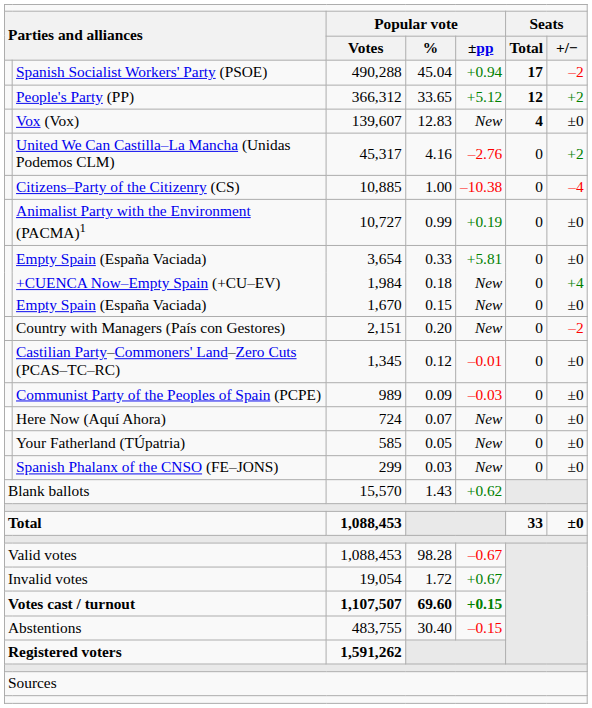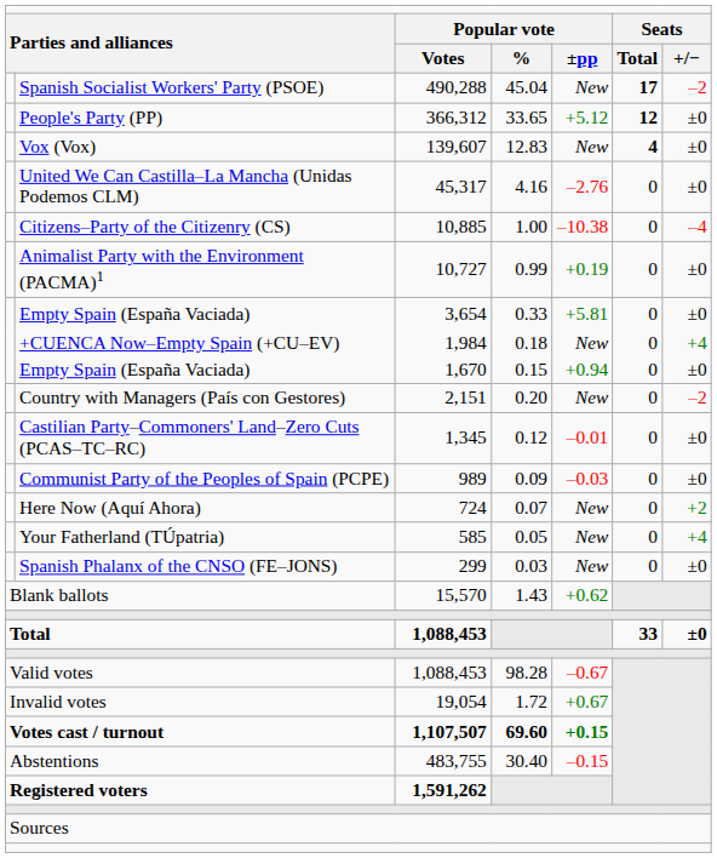 <table class="wikitable" style="text-align:right;">
 <tr>
 <td colspan="7"></td>
 </tr>
 <tr>
 <th style="text-align:left;" rowspan="2" colspan="2" width="525">Parties and alliances</th>
 <th colspan="3">Popular vote</th>
 <th colspan="2">Seats</th>
 </tr>
 <tr>
 <th width="75">Votes</th>
 <th width="45">%</th>
 <th width="45">±<a href='#'>pp</a></th>
 <th width="35">Total</th>
 <th width="35">+/−</th>
 </tr>
 <tr>
 <td width="1" style="color:inherit;background:"></td>
 <td align="left"><a href='#'>Spanish Socialist Workers' Party</a> (PSOE)</td>
 <td>490,288</td>
 <td>45.04</td>
-<td style="color:green;">+0.94</td>
+<td><em>New</em></td>
 <td><strong>17</strong></td>
 <td style="color:red;">–2</td>
 </tr>
 <tr>
 <td style="color:inherit;background:"></td>
 <td align="left"><a href='#'>People's Party</a> (PP)</td>
 <td>366,312</td>
 <td>33.65</td>
 <td style="color:green;">+5.12</td>
 <td><strong>12</strong></td>
-<td style="color:green;">+2</td>
+<td>±0</td>
 </tr>
 <tr>
 <td style="color:inherit;background:"></td>
 <td align="left"><a href='#'>Vox</a> (Vox)</td>
 <td>139,607</td>
 <td>12.83</td>
 <td><em>New</em></td>
 <td><strong>4</strong></td>
 <td>±0</td>
 </tr>
 <tr>
 <td style="color:inherit;background:"></td>
 <td align="left"><a href='#'>United We Can Castilla–La Mancha</a> (Unidas Podemos CLM)</td>
 <td>45,317</td>
 <td>4.16</td>
 <td style="color:red;">–2.76</td>
 <td>0</td>
-<td style="color:green;">+2</td>
+<td>±0</td>
 </tr>
 <tr>
 <td style="color:inherit;background:"></td>
 <td align="left"><a href='#'>Citizens–Party of the Citizenry</a> (CS)</td>
 <td>10,885</td>
 <td>1.00</td>
 <td style="color:red;">–10.38</td>
 <td>0</td>
 <td style="color:red;">–4</td>
 </tr>
 <tr>
 <td style="color:inherit;background:"></td>
 <td align="left"><a href='#'>Animalist Party with the Environment</a> (PACMA)<sup>1</sup></td>
 <td>10,727</td>
 <td>0.99</td>
 <td style="color:green;">+0.19</td>
 <td>0</td>
 <td>±0</td>
 </tr>
 <tr style="line-height:22px;">
 <td rowspan="3" style="color:inherit;background:"></td>
 <td align="left"><a href='#'>Empty Spain</a> (España Vaciada)</td>
 <td>3,654</td>
 <td>0.33</td>
 <td style="color:green;">+5.81</td>
 <td>0</td>
 <td>±0</td>
 </tr>
 <tr style="border-bottom-style:hidden; border-top-style:hidden; line-height:16px;">
 <td align="left"><span><a href='#'>+CUENCA Now–Empty Spain</a> (+CU–EV)</span></td>
 <td>1,984</td>
 <td>0.18</td>
 <td><em>New</em></td>
 <td>0</td>
 <td style="color:green;">+4</td>
 </tr>
 <tr style="line-height:16px;">
 <td align="left"><span><a href='#'>Empty Spain</a> (España Vaciada)</span></td>
 <td>1,670</td>
 <td>0.15</td>
-<td><em>New</em></td>
+<td style="color:green;">+0.94</td>
 <td>0</td>
 <td>±0</td>
 </tr>
 <tr>
 <td style="color:inherit;background:"></td>
 <td align="left">Country with Managers (País con Gestores)</td>
 <td>2,151</td>
 <td>0.20</td>
 <td><em>New</em></td>
 <td>0</td>
 <td style="color:red;">–2</td>
 </tr>
 <tr>
 <td style="color:inherit;background:"></td>
 <td align="left"><a href='#'>Castilian Party</a>–<a href='#'>Commoners' Land</a>–<a href='#'>Zero Cuts</a> (PCAS–TC–RC)</td>
 <td>1,345</td>
 <td>0.12</td>
 <td style="color:red;">–0.01</td>
 <td>0</td>
 <td>±0</td>
 </tr>
 <tr>
 <td style="color:inherit;background:"></td>
 <td align="left"><a href='#'>Communist Party of the Peoples of Spain</a> (PCPE)</td>
 <td>989</td>
 <td>0.09</td>
 <td style="color:red;">–0.03</td>
 <td>0</td>
 <td>±0</td>
 </tr>
 <tr>
 <td bgcolor="white"></td>
 <td align="left">Here Now (Aquí Ahora)</td>
 <td>724</td>
 <td>0.07</td>
 <td><em>New</em></td>
 <td>0</td>
-<td>±0</td>
+<td style="color:green;">+2</td>
 </tr>
 <tr>
 <td style="color:inherit;background:"></td>
 <td align="left">Your Fatherland (TÚpatria)</td>
 <td>585</td>
 <td>0.05</td>
 <td><em>New</em></td>
 <td>0</td>
-<td>±0</td>
+<td style="color:green;">+4</td>
 </tr>
 <tr>
 <td style="color:inherit;background:"></td>
 <td align="left"><a href='#'>Spanish Phalanx of the CNSO</a> (FE–JONS)</td>
 <td>299</td>
 <td>0.03</td>
 <td><em>New</em></td>
 <td>0</td>
 <td>±0</td>
 </tr>
 <tr>
 <td align="left" colspan="2">Blank ballots</td>
 <td>15,570</td>
 <td>1.43</td>
 <td style="color:green;">+0.62</td>
 <td bgcolor="#E9E9E9" colspan="2"></td>
 </tr>
 <tr>
 <td colspan="7" bgcolor="#E9E9E9"></td>
 </tr>
 <tr style="font-weight:bold;">
 <td align="left" colspan="2">Total</td>
 <td>1,088,453</td>
 <td bgcolor="#E9E9E9" colspan="2"></td>
 <td>33</td>
 <td>±0</td>
 </tr>
 <tr>
 <td colspan="7" bgcolor="#E9E9E9"></td>
 </tr>
 <tr>
 <td align="left" colspan="2">Valid votes</td>
 <td>1,088,453</td>
 <td>98.28</td>
 <td style="color:red;">–0.67</td>
 <td bgcolor="#E9E9E9" colspan="2" rowspan="5"></td>
 </tr>
 <tr>
 <td align="left" colspan="2">Invalid votes</td>
 <td>19,054</td>
 <td>1.72</td>
 <td style="color:green;">+0.67</td>
 </tr>
 <tr style="font-weight:bold;">
 <td align="left" colspan="2">Votes cast / turnout</td>
 <td>1,107,507</td>
 <td>69.60</td>
 <td style="color:green;">+0.15</td>
 </tr>
 <tr>
 <td align="left" colspan="2">Abstentions</td>
 <td>483,755</td>
 <td>30.40</td>
 <td style="color:red;">–0.15</td>
 </tr>
 <tr style="font-weight:bold;">
 <td align="left" colspan="2">Registered voters</td>
 <td>1,591,262</td>
 <td bgcolor="#E9E9E9" colspan="2"></td>
 </tr>
 <tr>
 <td colspan="7" bgcolor="#E9E9E9"></td>
 </tr>
 <tr>
 <td align="left" colspan="7">Sources</td>
 </tr>
 <tr>
 <td colspan="7" style="text-align:left; max-width:790px;"></td>
 </tr>
 </table>
